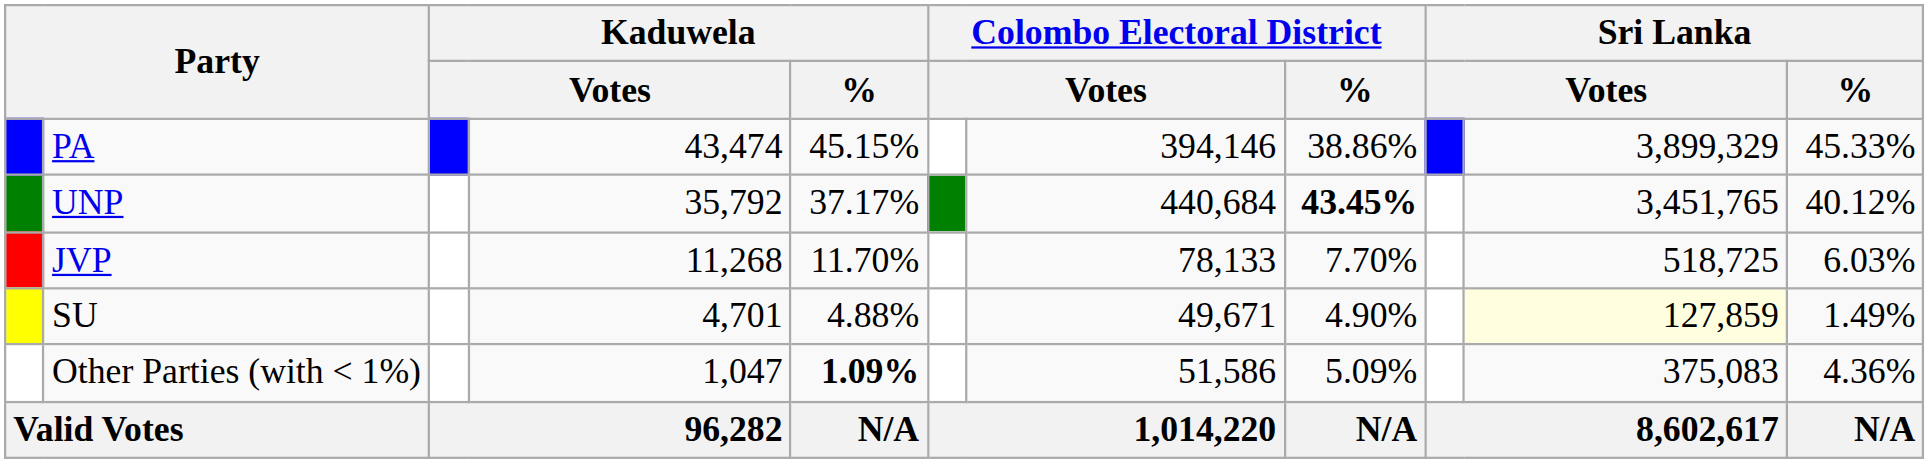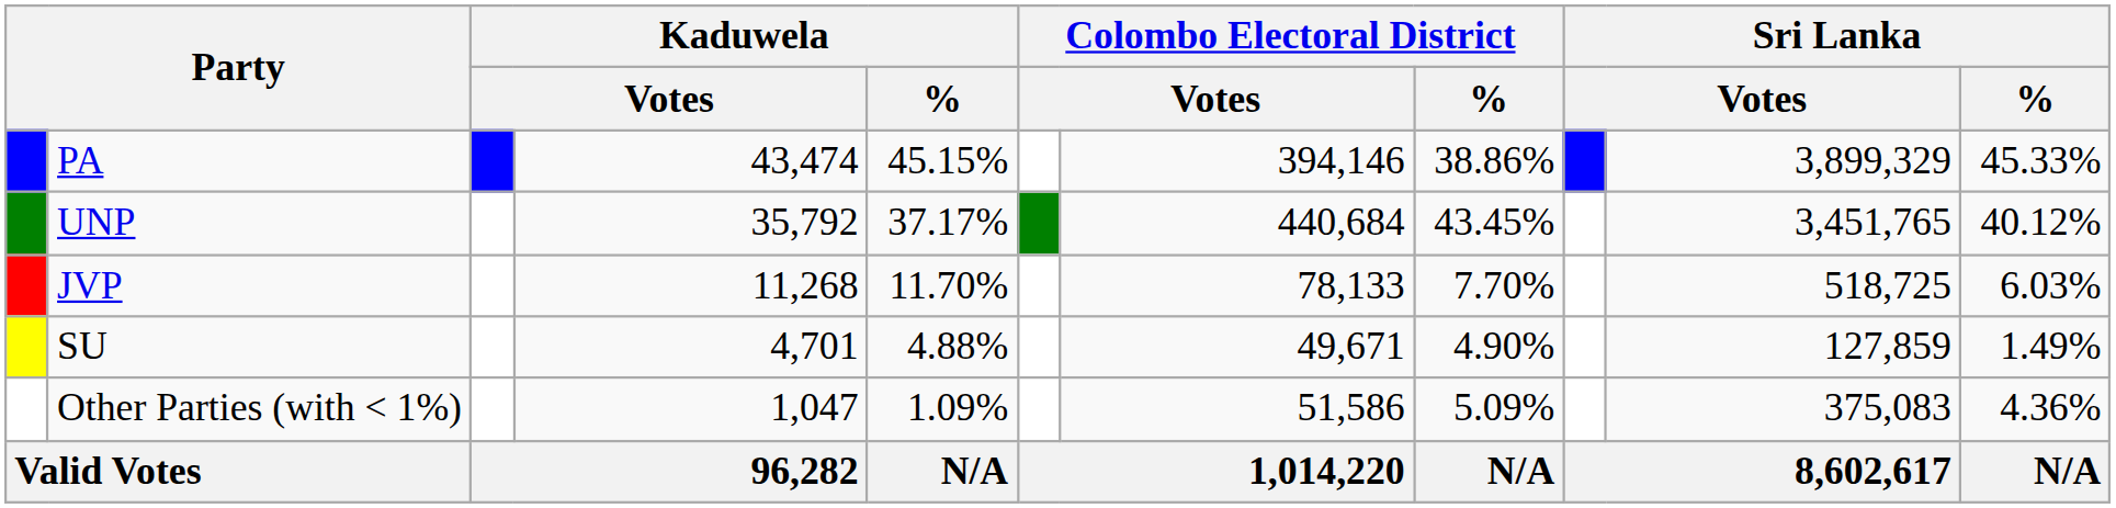 <table class="wikitable">
 <tr>
 <th colspan="2" width="144px"rowspan="2">Party</th>
 <th colspan="3" width="216px">Kaduwela</th>
 <th colspan="3" width="216px"><a href='#'>Colombo Electoral District</a></th>
 <th colspan="3" width="216px">Sri Lanka</th>
 </tr>
 <tr>
 <th colspan="2" width="144px">Votes</th>
 <th>%</th>
 <th colspan="2" width="144px">Votes</th>
 <th>%</th>
 <th colspan="2" width="144px">Votes</th>
 <th>%</th>
 </tr>
 <tr>
 <td style="background-color:blue;" width="10px"></td>
 <td style="text-align:left;"><a href='#'>PA</a></td>
 <td style="background-color:blue;" width="10px"></td>
 <td style="text-align:right;">43,474</td>
 <td style="text-align:right;">45.15%</td>
 <td style="background-color:white;" width="10px"></td>
 <td style="text-align:right;">394,146</td>
 <td style="text-align:right;">38.86%</td>
 <td style="background-color:blue;" width="10px"></td>
 <td style="text-align:right;">3,899,329</td>
 <td style="text-align:right;">45.33%</td>
 </tr>
 <tr>
 <td style="background-color:green;" width="10px"></td>
 <td style="text-align:left;"><a href='#'>UNP</a></td>
 <td style="background-color:white;" width="10px"></td>
 <td style="text-align:right;">35,792</td>
 <td style="text-align:right;">37.17%</td>
 <td style="background-color:green;" width="10px"></td>
 <td style="text-align:right;">440,684</td>
-<td style="text-align:right;"><strong>43.45%</strong></td>
+<td style="text-align:right;">43.45%</td>
 <td style="background-color:white;" width="10px"></td>
 <td style="text-align:right;">3,451,765</td>
 <td style="text-align:right;">40.12%</td>
 </tr>
 <tr>
 <td style="background-color:red;" width="10px"></td>
 <td style="text-align:left;"><a href='#'>JVP</a></td>
 <td style="background-color:white;" width="10px"></td>
 <td style="text-align:right;">11,268</td>
 <td style="text-align:right;">11.70%</td>
 <td style="background-color:white;" width="10px"></td>
 <td style="text-align:right;">78,133</td>
 <td style="text-align:right;">7.70%</td>
 <td style="background-color:white;" width="10px"></td>
 <td style="text-align:right;">518,725</td>
 <td style="text-align:right;">6.03%</td>
 </tr>
 <tr>
 <td style="background-color:yellow;" width="10px"></td>
 <td style="text-align:left;">SU</td>
 <td style="background-color:white;" width="10px"></td>
 <td style="text-align:right;">4,701</td>
 <td style="text-align:right;">4.88%</td>
 <td style="background-color:white;" width="10px"></td>
 <td style="text-align:right;">49,671</td>
 <td style="text-align:right;">4.90%</td>
 <td style="background-color:white;" width="10px"></td>
-<td style="background: lightyellow; text-align:right;">127,859</td>
+<td style="text-align:right;">127,859</td>
 <td style="text-align:right;">1.49%</td>
 </tr>
 <tr>
 <td style="background-color:white;" width="10px"></td>
 <td style="text-align:left;">Other Parties (with < 1%)</td>
 <td style="background-color:white;" width="10px"></td>
 <td style="text-align:right;">1,047</td>
-<td style="text-align:right;"><strong>1.09%</strong></td>
+<td style="text-align:right;">1.09%</td>
 <td style="background-color:white;" width="10px"></td>
 <td style="text-align:right;">51,586</td>
 <td style="text-align:right;">5.09%</td>
 <td style="background-color:white;" width="10px"></td>
 <td style="text-align:right;">375,083</td>
 <td style="text-align:right;">4.36%</td>
 </tr>
 <tr>
 <th colspan="2" width="144px"style="text-align:left;">Valid Votes</th>
 <th style="text-align:right;"colspan="2" width="144px">96,282</th>
 <th style="text-align:right;">N/A</th>
 <th style="text-align:right;"colspan="2" width="144px">1,014,220</th>
 <th style="text-align:right;">N/A</th>
 <th style="text-align:right;"colspan="2" width="144px">8,602,617</th>
 <th style="text-align:right;">N/A</th>
 </tr>
 </table>
